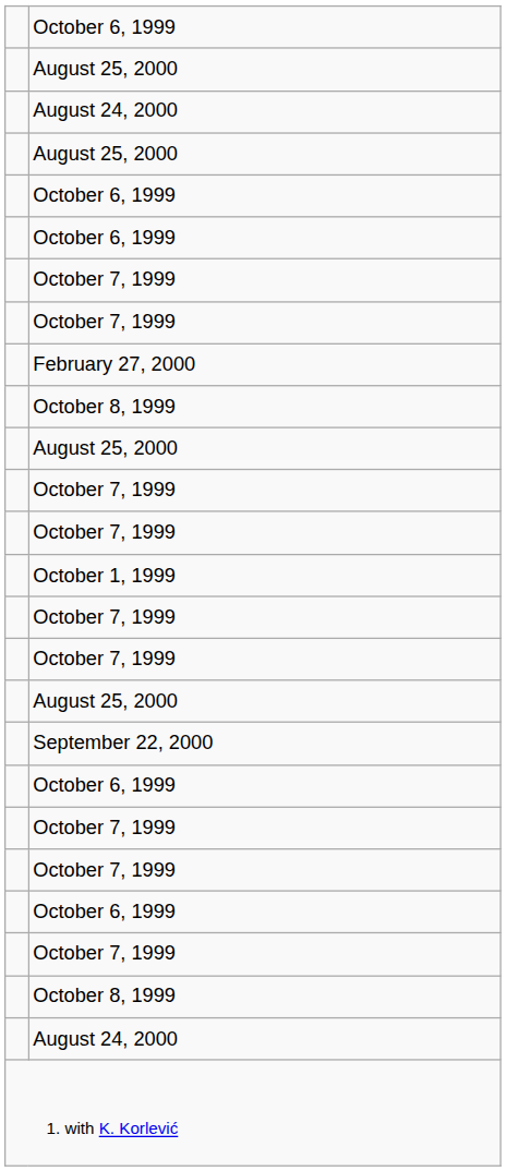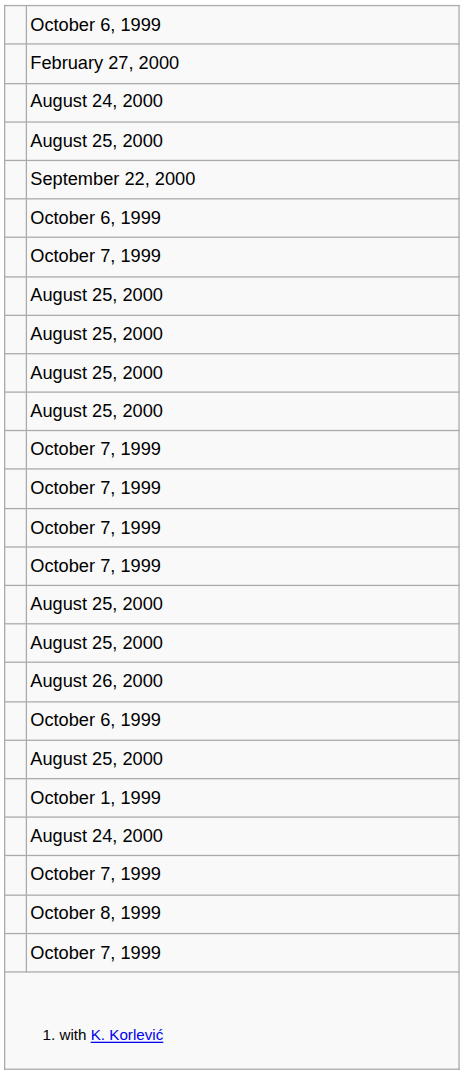 <table class="wikitable" style="font-size: 89%; float: left; width: 25em; margin-right: 1em; line-height: 1.65em !important; height: 540px;">
 <tr>
 <td></td>
 <td>October 6, 1999</td>
 </tr>
 <tr>
 <td></td>
-<td>August 25, 2000</td>
+<td>February 27, 2000</td>
 </tr>
 <tr>
 <td></td>
 <td>August 24, 2000</td>
-</tr>
-<tr>
-<td></td>
-<td>August 25, 2000</td>
-</tr>
-<tr>
-<td></td>
-<td>October 6, 1999</td>
-</tr>
-<tr>
-<td></td>
-<td>October 6, 1999</td>
-</tr>
-<tr>
-<td></td>
-<td>October 7, 1999</td>
-</tr>
-<tr>
-<td></td>
-<td>October 7, 1999</td>
-</tr>
-<tr>
-<td></td>
-<td>February 27, 2000</td>
-</tr>
-<tr>
-<td></td>
-<td>October 8, 1999</td>
-</tr>
-<tr>
-<td></td>
-<td>August 25, 2000</td>
-</tr>
-<tr>
-<td></td>
-<td>October 7, 1999</td>
-</tr>
-<tr>
-<td></td>
-<td>October 7, 1999</td>
-</tr>
-<tr>
-<td></td>
-<td>October 1, 1999</td>
-</tr>
-<tr>
-<td></td>
-<td>October 7, 1999</td>
-</tr>
-<tr>
-<td></td>
-<td>October 7, 1999</td>
 </tr>
 <tr>
 <td></td>
 <td>August 25, 2000</td>
 </tr>
 <tr>
 <td></td>
 <td>September 22, 2000</td>
 </tr>
 <tr>
 <td></td>
 <td>October 6, 1999</td>
 </tr>
 <tr>
 <td></td>
 <td>October 7, 1999</td>
 </tr>
 <tr>
 <td></td>
+<td>August 25, 2000</td>
+</tr>
+<tr>
+<td></td>
+<td>August 25, 2000</td>
+</tr>
+<tr>
+<td></td>
+<td>August 25, 2000</td>
+</tr>
+<tr>
+<td></td>
+<td>August 25, 2000</td>
+</tr>
+<tr>
+<td></td>
 <td>October 7, 1999</td>
 </tr>
 <tr>
 <td></td>
+<td>October 7, 1999</td>
+</tr>
+<tr>
+<td></td>
+<td>October 7, 1999</td>
+</tr>
+<tr>
+<td></td>
+<td>October 7, 1999</td>
+</tr>
+<tr>
+<td></td>
+<td>August 25, 2000</td>
+</tr>
+<tr>
+<td></td>
+<td>August 25, 2000</td>
+</tr>
+<tr>
+<td></td>
+<td>August 26, 2000</td>
+</tr>
+<tr>
+<td></td>
 <td>October 6, 1999</td>
+</tr>
+<tr>
+<td></td>
+<td>August 25, 2000</td>
+</tr>
+<tr>
+<td></td>
+<td>October 1, 1999</td>
+</tr>
+<tr>
+<td></td>
+<td>August 24, 2000</td>
 </tr>
 <tr>
 <td></td>
 <td>October 7, 1999</td>
 </tr>
 <tr>
 <td></td>
 <td>October 8, 1999</td>
 </tr>
 <tr>
 <td></td>
-<td>August 24, 2000</td>
+<td>October 7, 1999</td>
 </tr>
 <tr>
 <td colspan="2" style="font-size: smaller;"><br><ol><li> with <a href='#'>K. Korlević</a></li></ol></td>
 </tr>
 </table>
